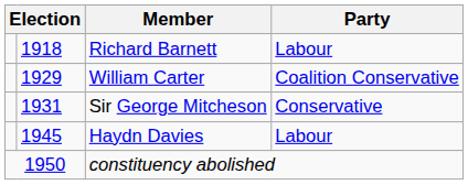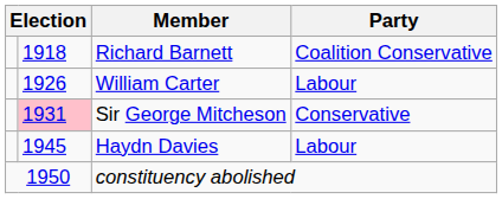 <table class="wikitable">
 <tr>
 <th colspan="2">Election</th>
 <th>Member</th>
 <th>Party</th>
 </tr>
 <tr>
 <td style="color:inherit;background-color: "></td>
 <td><a href='#'>1918</a></td>
 <td><a href='#'>Richard Barnett</a></td>
+<td><a href='#'>Coalition Conservative</a></td>
+</tr>
+<tr>
+<td style="color:inherit;background-color: "></td>
+<td><a href='#'>1926</a></td>
+<td><a href='#'>William Carter</a></td>
 <td><a href='#'>Labour</a></td>
 </tr>
 <tr>
 <td style="color:inherit;background-color: "></td>
-<td><a href='#'>1929</a></td>
-<td><a href='#'>William Carter</a></td>
-<td><a href='#'>Coalition Conservative</a></td>
-</tr>
-<tr>
-<td style="color:inherit;background-color: "></td>
-<td><a href='#'>1931</a></td>
+<td style="background: pink;"><a href='#'>1931</a></td>
 <td>Sir <a href='#'>George Mitcheson</a></td>
 <td><a href='#'>Conservative</a></td>
 </tr>
 <tr>
 <td style="color:inherit;background-color: "></td>
 <td><a href='#'>1945</a></td>
 <td><a href='#'>Haydn Davies</a></td>
 <td><a href='#'>Labour</a></td>
 </tr>
 <tr>
 <td colspan="2" style="text-align:center;"><a href='#'>1950</a></td>
 <td colspan="2"><em>constituency abolished</em></td>
 </tr>
 </table>
